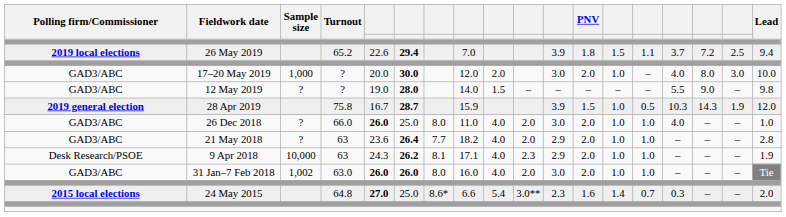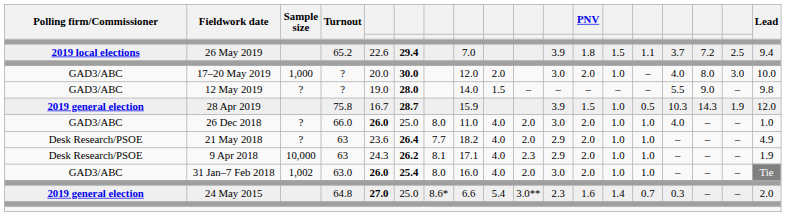 <table class="wikitable collapsible" style="text-align:center; font-size:95%; line-height:16px;">
 <tr style="height:42px;">
 <th style="width:250px;" rowspan="2">Polling firm/Commissioner</th>
 <th style="width:125px;" rowspan="2">Fieldwork date</th>
 <th style="width:50px;" rowspan="2">Sample size</th>
 <th style="width:45px;" rowspan="2">Turnout</th>
 <th style="width:35px;"></th>
 <th style="width:35px;"></th>
 <th style="width:35px;"></th>
 <th style="width:35px;"></th>
 <th style="width:35px;"></th>
 <th style="width:35px;"></th>
 <th style="width:35px;"></th>
 <th style="width:35px;"><a href='#'>PNV</a></th>
 <th style="width:35px;"></th>
 <th style="width:35px;"></th>
 <th style="width:35px;"></th>
 <th style="width:35px;"></th>
 <th style="width:35px;"></th>
 <th style="width:30px;" rowspan="2">Lead</th>
 </tr>
 <tr>
 <th style="color:inherit;background:"></th>
 <th style="color:inherit;background:"></th>
 <th style="color:inherit;background:"></th>
 <th style="color:inherit;background:"></th>
 <th style="color:inherit;background:"></th>
 <th style="color:inherit;background:"></th>
 <th style="color:inherit;background:"></th>
 <th style="color:inherit;background:"></th>
 <th style="color:inherit;background:"></th>
 <th style="color:inherit;background:"></th>
 <th style="color:inherit;background:"></th>
 <th style="color:inherit;background:"></th>
 <th style="color:inherit;background:"></th>
 </tr>
 <tr>
 <td colspan="18" style="background:#A0A0A0"></td>
 </tr>
 <tr style="background:#EFEFEF;">
 <td><strong><a href='#'>2019 local elections</a></strong></td>
 <td>26 May 2019</td>
 <td></td>
 <td>65.2</td>
 <td>22.6</td>
 <td><strong>29.4</strong></td>
 <td></td>
 <td>7.0</td>
 <td></td>
 <td></td>
 <td>3.9</td>
 <td>1.8</td>
 <td>1.5</td>
 <td>1.1</td>
 <td>3.7</td>
 <td>7.2</td>
 <td>2.5</td>
 <td style="background:">9.4</td>
 </tr>
 <tr>
 <td colspan="18" style="background:#A0A0A0"></td>
 </tr>
 <tr>
 <td>GAD3/ABC</td>
 <td>17–20 May 2019</td>
 <td>1,000</td>
 <td>?</td>
 <td>20.0</td>
 <td><strong>30.0</strong></td>
 <td></td>
 <td>12.0</td>
 <td>2.0</td>
 <td></td>
 <td>3.0</td>
 <td>2.0</td>
 <td>1.0</td>
 <td>–</td>
 <td>4.0</td>
 <td>8.0</td>
 <td>3.0</td>
 <td style="background:">10.0</td>
 </tr>
 <tr>
 <td>GAD3/ABC</td>
 <td>12 May 2019</td>
 <td>?</td>
 <td>?</td>
 <td>19.0</td>
 <td><strong>28.0</strong></td>
 <td></td>
 <td>14.0</td>
 <td>1.5</td>
 <td>–</td>
 <td>–</td>
 <td>–</td>
 <td>–</td>
 <td>–</td>
 <td>5.5</td>
 <td>9.0</td>
 <td>–</td>
 <td style="background:">9.8</td>
 </tr>
 <tr style="background:#EFEFEF;">
 <td><strong><a href='#'>2019 general election</a></strong></td>
 <td>28 Apr 2019</td>
 <td></td>
 <td>75.8</td>
 <td>16.7</td>
 <td><strong>28.7</strong></td>
 <td></td>
 <td>15.9</td>
 <td></td>
 <td></td>
 <td>3.9</td>
 <td>1.5</td>
 <td>1.0</td>
 <td>0.5</td>
 <td>10.3</td>
 <td>14.3</td>
 <td>1.9</td>
 <td style="background:">12.0</td>
 </tr>
 <tr>
 <td>GAD3/ABC</td>
 <td>26 Dec 2018</td>
 <td>?</td>
 <td>66.0</td>
 <td><strong>26.0</strong></td>
 <td>25.0</td>
 <td>8.0</td>
 <td>11.0</td>
 <td>4.0</td>
 <td>2.0</td>
 <td>3.0</td>
 <td>2.0</td>
 <td>1.0</td>
 <td>1.0</td>
 <td>4.0</td>
 <td>–</td>
 <td>–</td>
 <td style="background:">1.0</td>
 </tr>
 <tr>
-<td>GAD3/ABC</td>
+<td>Desk Research/PSOE</td>
 <td>21 May 2018</td>
 <td>?</td>
 <td>63</td>
 <td>23.6</td>
 <td><strong>26.4</strong></td>
 <td>7.7</td>
 <td>18.2</td>
 <td>4.0</td>
 <td>2.0</td>
 <td>2.9</td>
 <td>2.0</td>
 <td>1.0</td>
 <td>1.0</td>
 <td>–</td>
 <td>–</td>
 <td>–</td>
-<td style="background:">2.8</td>
+<td style="background:">4.9</td>
 </tr>
 <tr>
 <td>Desk Research/PSOE</td>
 <td>9 Apr 2018</td>
 <td>10,000</td>
 <td>63</td>
 <td>24.3</td>
 <td><strong>26.2</strong></td>
 <td>8.1</td>
 <td>17.1</td>
 <td>4.0</td>
 <td>2.3</td>
 <td>2.9</td>
 <td>2.0</td>
 <td>1.0</td>
 <td>1.0</td>
 <td>–</td>
 <td>–</td>
 <td>–</td>
 <td style="background:">1.9</td>
 </tr>
 <tr>
 <td>GAD3/ABC</td>
 <td>31 Jan–7 Feb 2018</td>
 <td>1,002</td>
 <td>63.0</td>
 <td><strong>26.0</strong></td>
-<td><strong>26.0</strong></td>
+<td><strong>25.4</strong></td>
 <td>8.0</td>
 <td>16.0</td>
 <td>4.0</td>
 <td>2.0</td>
 <td>3.0</td>
 <td>2.0</td>
 <td>1.0</td>
 <td>1.0</td>
 <td>–</td>
 <td>–</td>
 <td>–</td>
 <td style="background:gray; color:white;">Tie</td>
 </tr>
 <tr>
 <td colspan="18" style="background:#A0A0A0"></td>
 </tr>
 <tr style="background:#EFEFEF;">
-<td><strong><a href='#'>2015 local elections</a></strong></td>
+<td><strong><a href='#'>2019 general election</a></strong></td>
 <td>24 May 2015</td>
 <td></td>
 <td>64.8</td>
 <td><strong>27.0</strong></td>
 <td>25.0</td>
 <td>8.6*</td>
 <td>6.6</td>
 <td>5.4</td>
 <td>3.0**</td>
 <td>2.3</td>
 <td>1.6</td>
 <td>1.4</td>
 <td>0.7</td>
 <td>0.3</td>
 <td>–</td>
 <td>–</td>
 <td style="background:">2.0</td>
 </tr>
 <tr>
 <td colspan="18" style="background:#A0A0A0"></td>
 </tr>
 <tr>
 <td align="left" colspan="18"></td>
 </tr>
 </table>
